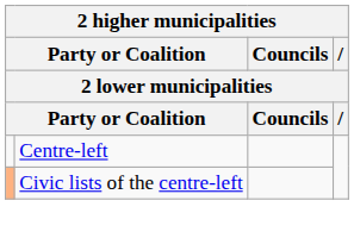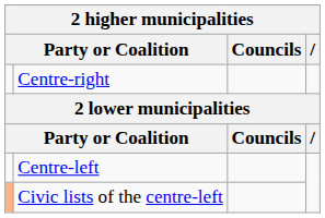 <table class="wikitable">
 <tr>
 <th colspan="4">2 higher municipalities</th>
 </tr>
 <tr>
 <th colspan="2">Party or Coalition</th>
 <th>Councils</th>
 <th>/</th>
+</tr>
+<tr>
+<td></td>
+<td><a href='#'>Centre-right</a></td>
+<td></td>
+<td></td>
 </tr>
 <tr>
 <th colspan="4">2 lower municipalities</th>
 </tr>
 <tr>
 <th colspan="2">Party or Coalition</th>
 <th>Councils</th>
 <th>/</th>
 </tr>
 <tr>
 <td></td>
 <td><a href='#'>Centre-left</a></td>
 <td></td>
 <td rowspan="2"></td>
 </tr>
 <tr>
 <td bgcolor="#FFB280"></td>
 <td><a href='#'>Civic lists</a> of the <a href='#'>centre-left</a></td>
 <td></td>
 </tr>
 </table>
